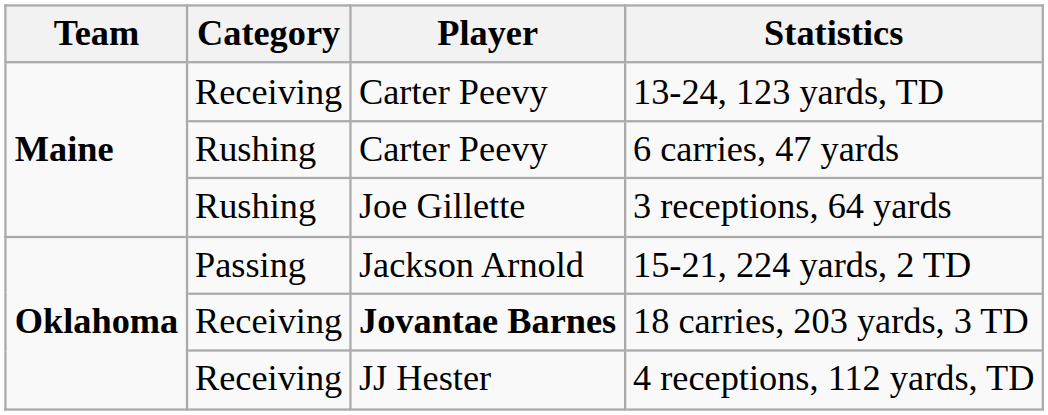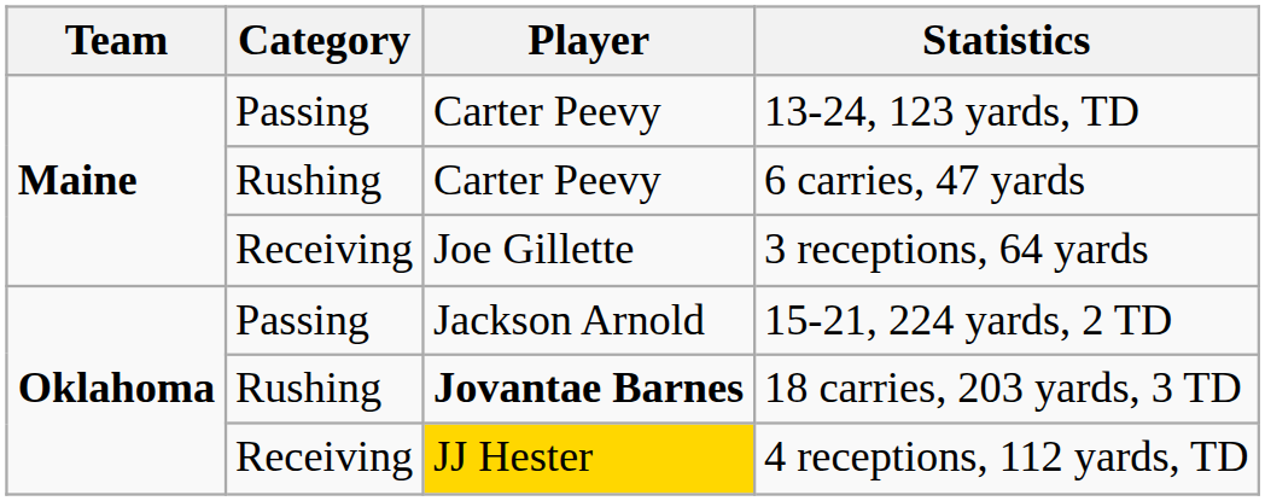 <table class="wikitable" style="float: right;">
 <tr>
 <th>Team</th>
 <th>Category</th>
 <th>Player</th>
 <th>Statistics</th>
 </tr>
 <tr>
 <td rowspan=3><strong>Maine</strong></td>
-<td>Receiving</td>
+<td>Passing</td>
 <td>Carter Peevy</td>
 <td>13-24, 123 yards, TD</td>
 </tr>
 <tr>
 <td>Rushing</td>
 <td>Carter Peevy</td>
 <td>6 carries, 47 yards</td>
 </tr>
 <tr>
-<td>Rushing</td>
+<td>Receiving</td>
 <td>Joe Gillette</td>
 <td>3 receptions, 64 yards</td>
 </tr>
 <tr>
 <td rowspan=3><strong>Oklahoma</strong></td>
 <td>Passing</td>
 <td>Jackson Arnold</td>
 <td>15-21, 224 yards, 2 TD</td>
 </tr>
 <tr>
-<td>Receiving</td>
+<td>Rushing</td>
 <td><strong>Jovantae Barnes</strong></td>
 <td>18 carries, 203 yards, 3 TD</td>
 </tr>
 <tr>
 <td>Receiving</td>
-<td>JJ Hester</td>
+<td style="background: gold;">JJ Hester</td>
 <td>4 receptions, 112 yards, TD</td>
 </tr>
 </table>
